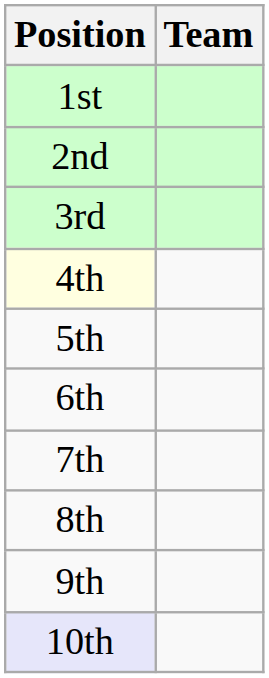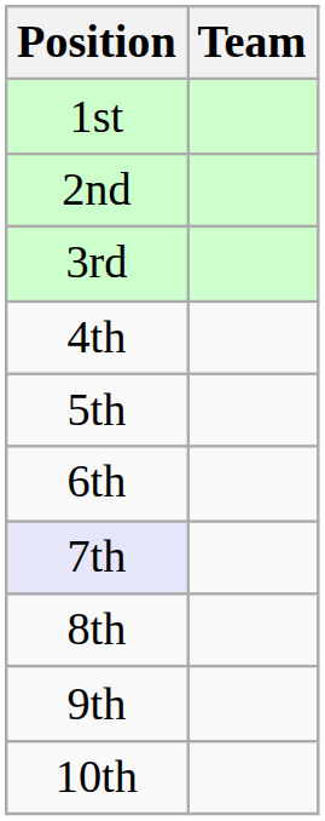 <table class="wikitable">
 <tr>
 <th>Position</th>
 <th>Team</th>
 </tr>
 <tr style="background:#cfc">
 <td style="text-align:center">1st</td>
 <td></td>
 </tr>
 <tr style="background:#cfc">
 <td style="text-align:center">2nd</td>
 <td></td>
 </tr>
 <tr style="background:#cfc">
 <td style="text-align:center">3rd</td>
 <td></td>
 </tr>
 <tr>
-<td style="background: lightyellow; text-align:center">4th</td>
+<td style="text-align:center">4th</td>
 <td></td>
 </tr>
 <tr>
 <td style="text-align:center">5th</td>
 <td></td>
 </tr>
 <tr>
 <td style="text-align:center">6th</td>
 <td></td>
 </tr>
 <tr>
-<td style="text-align:center">7th</td>
+<td style="background: lavender; text-align:center">7th</td>
 <td></td>
 </tr>
 <tr>
 <td style="text-align:center">8th</td>
 <td></td>
 </tr>
 <tr>
 <td style="text-align:center">9th</td>
 <td></td>
 </tr>
 <tr>
-<td style="background: lavender; text-align:center">10th</td>
+<td style="text-align:center">10th</td>
 <td></td>
 </tr>
 </table>
